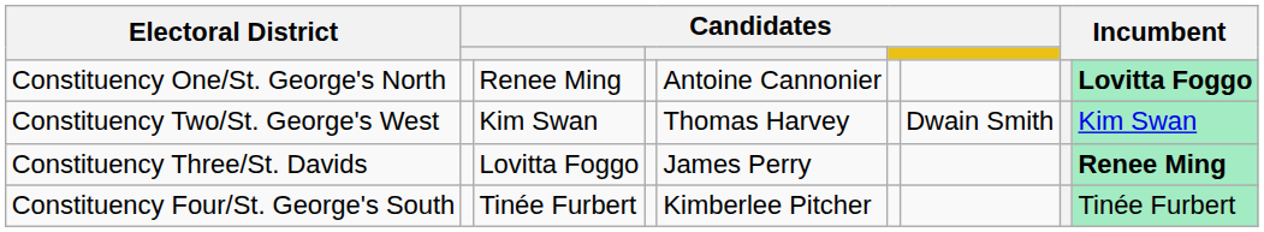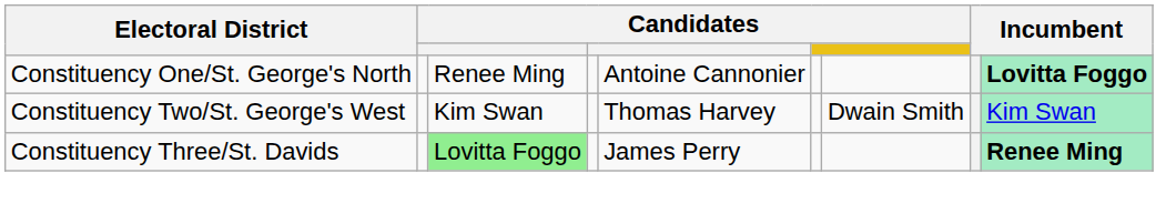 <table class="wikitable">
 <tr>
 <th rowspan="2">Electoral District</th>
 <th colspan="6">Candidates</th>
 <th colspan="2" rowspan="2">Incumbent</th>
 </tr>
 <tr>
 <th colspan="2" style="background:"><a href='#'></a></th>
 <th colspan="2" style="background:"><a href='#'></a></th>
 <td colspan="2" style="background:#EAC117"><a href='#'></a></td>
 </tr>
 <tr>
 <td>Constituency One/St. George's North</td>
 <td></td>
 <td>Renee Ming</td>
 <td></td>
 <td>Antoine Cannonier</td>
 <td></td>
 <td></td>
 <th style="background:"></th>
 <td style="background:#a3ebc3"><strong>Lovitta Foggo</strong></td>
 </tr>
 <tr>
 <td>Constituency Two/St. George's West</td>
 <td></td>
 <td>Kim Swan</td>
 <td></td>
 <td>Thomas Harvey</td>
 <td></td>
 <td>Dwain Smith</td>
 <th style="background:"></th>
 <td style="background:#a3ebc3"><a href='#'>Kim Swan</a></td>
 </tr>
 <tr>
 <td>Constituency Three/St. Davids</td>
 <td></td>
-<td>Lovitta Foggo</td>
+<td style="background: lightgreen;">Lovitta Foggo</td>
 <td></td>
 <td>James Perry</td>
 <td></td>
 <td></td>
 <th style="background:"></th>
 <td style="background:#a3ebc3"><strong>Renee Ming</strong></td>
 </tr>
-<tr>
-<td St. George's South – Holy Trinity Church Hall>Constituency Four/St. George's South</td>
-<td></td>
-<td>Tinée Furbert</td>
-<td></td>
-<td>Kimberlee Pitcher</td>
-<td></td>
-<td></td>
-<th style="background:"></th>
-<td style="background:#a3ebc3">Tinée Furbert</td>
-</tr>
 </table>
